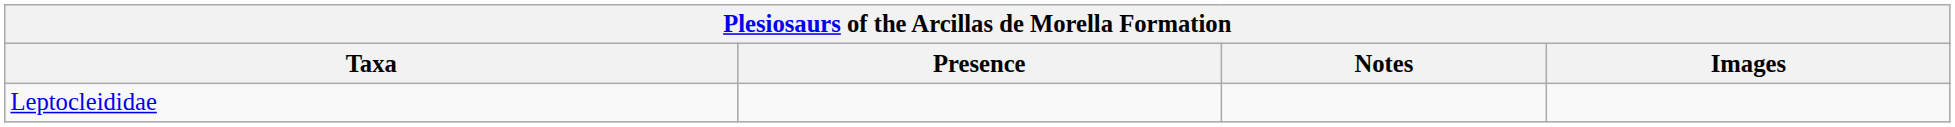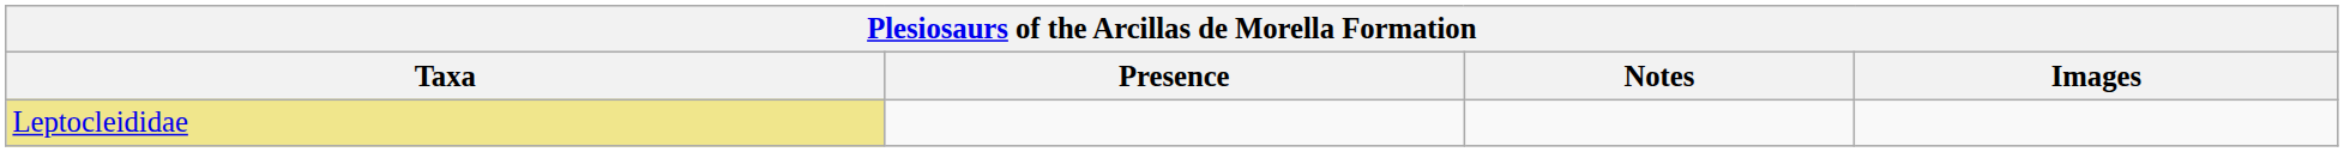 <table class="wikitable" align="center" width="100%">
 <tr>
 <th colspan="5" align="center"><strong><a href='#'>Plesiosaurs</a> of the Arcillas de Morella Formation</strong></th>
 </tr>
 <tr>
 <th>Taxa</th>
 <th>Presence</th>
 <th>Notes</th>
 <th>Images</th>
 </tr>
 <tr>
-<td><a href='#'>Leptocleididae</a></td>
+<td style="background: khaki;"><a href='#'>Leptocleididae</a></td>
 <td></td>
 <td></td>
 <td></td>
 </tr>
 </table>
